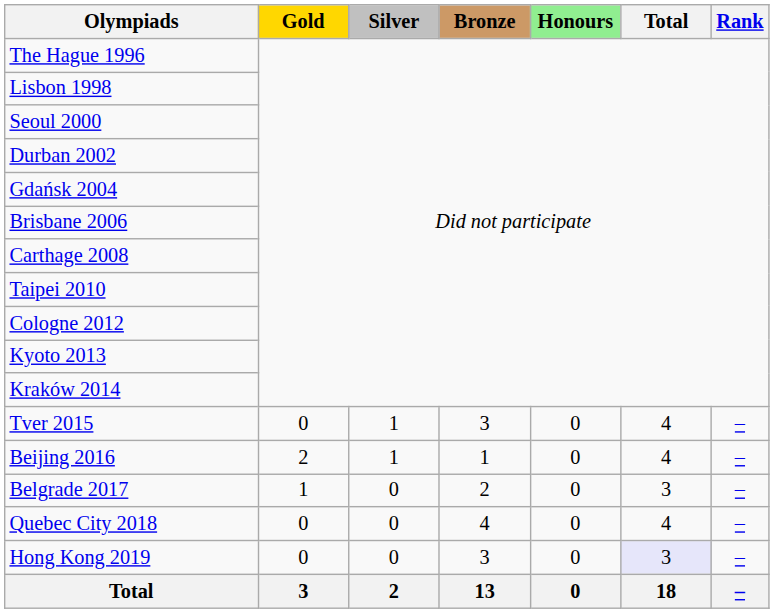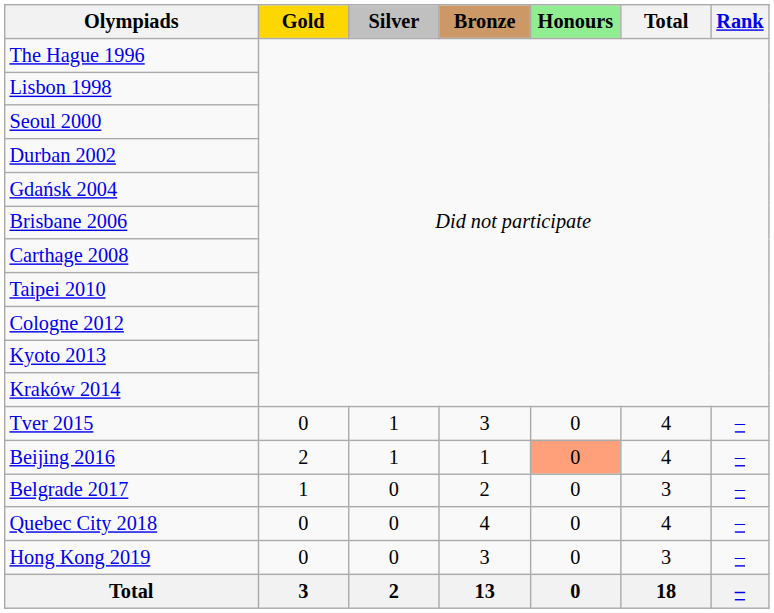 <table class="wikitable" style="text-align:center; font-size:90%;">
 <tr>
 <th style="width:12em;">Olympiads</th>
 <th style="width:4em; background:gold;">Gold</th>
 <th style="width:4em; background:silver;">Silver</th>
 <th style="width:4em; background:#cc9966;">Bronze</th>
 <th style="width:4em; background:#90EE90;">Honours</th>
 <th style="width:4em;">Total</th>
 <th style="width:2em;"><a href='#'>Rank</a></th>
 </tr>
 <tr>
 <td align=left> <a href='#'>The Hague 1996</a></td>
 <td align=center colspan=6 rowspan="11"><em>Did not participate</em></td>
 </tr>
 <tr>
 <td align=left> <a href='#'>Lisbon 1998</a></td>
 </tr>
 <tr>
 <td align=left> <a href='#'>Seoul 2000</a></td>
 </tr>
 <tr>
 <td align=left> <a href='#'>Durban 2002</a></td>
 </tr>
 <tr>
 <td align=left> <a href='#'>Gdańsk 2004</a></td>
 </tr>
 <tr>
 <td align=left> <a href='#'>Brisbane 2006</a></td>
 </tr>
 <tr>
 <td align=left> <a href='#'>Carthage 2008</a></td>
 </tr>
 <tr>
 <td align=left> <a href='#'>Taipei 2010</a></td>
 </tr>
 <tr>
 <td align=left> <a href='#'>Cologne 2012</a></td>
 </tr>
 <tr>
 <td align=left> <a href='#'>Kyoto 2013</a></td>
 </tr>
 <tr>
 <td align=left> <a href='#'>Kraków 2014</a></td>
 </tr>
 <tr>
 <td align=left> <a href='#'>Tver 2015</a></td>
 <td>0</td>
 <td>1</td>
 <td>3</td>
 <td>0</td>
 <td>4</td>
 <td><a href='#'>–</a></td>
 </tr>
 <tr>
 <td align=left> <a href='#'>Beijing 2016</a></td>
 <td>2</td>
 <td>1</td>
 <td>1</td>
-<td>0</td>
+<td style="background: lightsalmon;">0</td>
 <td>4</td>
 <td><a href='#'>–</a></td>
 </tr>
 <tr>
 <td align=left> <a href='#'>Belgrade 2017</a></td>
 <td>1</td>
 <td>0</td>
 <td>2</td>
 <td>0</td>
 <td>3</td>
 <td><a href='#'>–</a></td>
 </tr>
 <tr>
 <td align=left> <a href='#'>Quebec City 2018</a></td>
 <td>0</td>
 <td>0</td>
 <td>4</td>
 <td>0</td>
 <td>4</td>
 <td><a href='#'>–</a></td>
 </tr>
 <tr>
 <td align=left> <a href='#'>Hong Kong 2019</a></td>
 <td>0</td>
 <td>0</td>
 <td>3</td>
 <td>0</td>
-<td style="background: lavender;">3</td>
+<td>3</td>
 <td><a href='#'>–</a></td>
 </tr>
 <tr>
 <th colspan=1>Total</th>
 <th>3</th>
 <th>2</th>
 <th>13</th>
 <th>0</th>
 <th>18</th>
 <th><a href='#'>–</a></th>
 </tr>
 </table>
